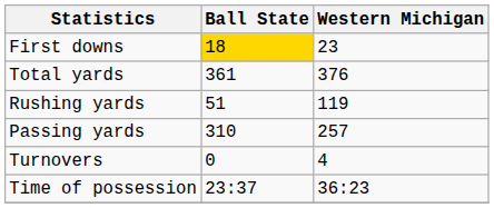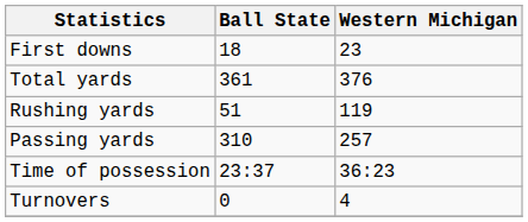 <table class="wikitable">
 <tr>
 <th>Statistics</th>
 <th>Ball State</th>
 <th>Western Michigan</th>
 </tr>
 <tr>
 <td>First downs</td>
-<td style="background: gold;">18</td>
+<td>18</td>
 <td>23</td>
 </tr>
 <tr>
 <td>Total yards</td>
 <td>361</td>
 <td>376</td>
 </tr>
 <tr>
 <td>Rushing yards</td>
 <td>51</td>
 <td>119</td>
 </tr>
 <tr>
 <td>Passing yards</td>
 <td>310</td>
 <td>257</td>
 </tr>
 <tr>
+<td>Time of possession</td>
+<td>23:37</td>
+<td>36:23</td>
+</tr>
+<tr>
 <td>Turnovers</td>
 <td>0</td>
 <td>4</td>
 </tr>
 <tr>
-<td>Time of possession</td>
-<td>23:37</td>
-<td>36:23</td>
-</tr>
-<tr>
 </tr>
 </table>
